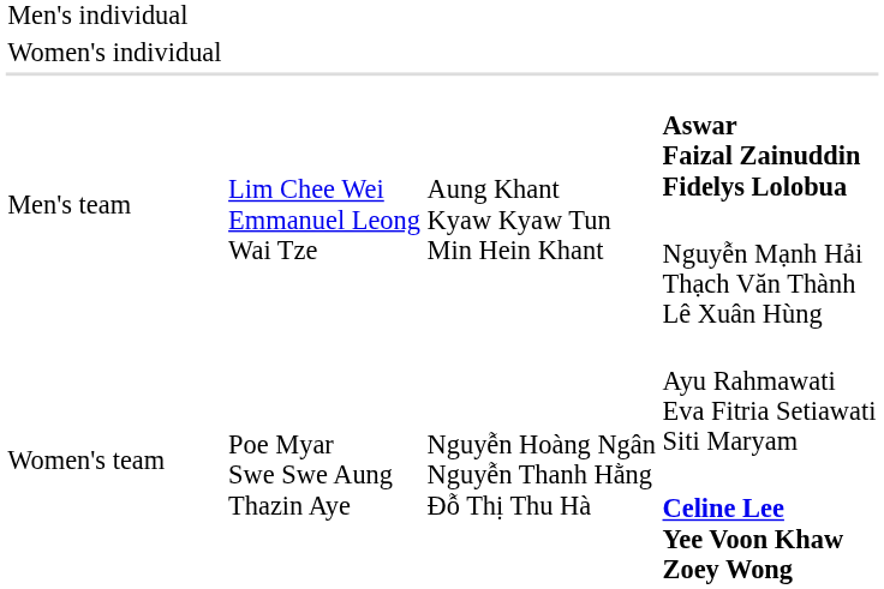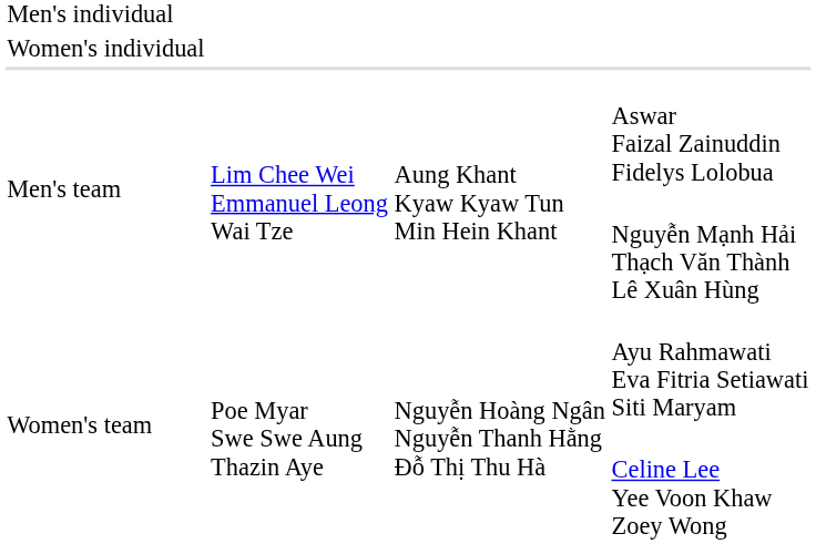 <table>
 <tr>
 <td rowspan=2>Men's individual</td>
 <td rowspan=2></td>
 <td rowspan=2></td>
 <td></td>
 </tr>
 <tr>
 <td></td>
 </tr>
 <tr>
 <td rowspan=2>Women's individual</td>
 <td rowspan=2 nowrap></td>
 <td rowspan=2></td>
 <td></td>
 </tr>
 <tr>
 <td nowrap></td>
 </tr>
 <tr bgcolor=#dddddd>
 <td colspan=4></td>
 </tr>
 <tr>
 <td rowspan=2>Men's team</td>
 <td rowspan=2><br><a href='#'>Lim Chee Wei</a><br><a href='#'>Emmanuel Leong</a><br>Wai Tze</td>
 <td rowspan=2><br>Aung Khant<br>Kyaw Kyaw Tun<br>Min Hein Khant</td>
-<td><strong><br>Aswar<br>Faizal Zainuddin<br>Fidelys Lolobua</strong></td>
+<td><br>Aswar<br>Faizal Zainuddin<br>Fidelys Lolobua</td>
 </tr>
 <tr>
 <td><br>Nguyễn Mạnh Hải<br>Thạch Văn Thành<br>Lê Xuân Hùng</td>
 </tr>
 <tr>
 <td rowspan=2>Women's team</td>
 <td rowspan=2><br>Poe Myar<br>Swe Swe Aung<br>Thazin Aye</td>
 <td rowspan=2 nowrap><br>Nguyễn Hoàng Ngân<br>Nguyễn Thanh Hằng<br>Đỗ Thị Thu Hà</td>
 <td><br>Ayu Rahmawati<br>Eva Fitria Setiawati<br>Siti Maryam</td>
 </tr>
 <tr>
-<td><strong><br><a href='#'>Celine Lee</a><br>Yee Voon Khaw<br>Zoey Wong</strong></td>
+<td><br><a href='#'>Celine Lee</a><br>Yee Voon Khaw<br>Zoey Wong</td>
 </tr>
 </table>
